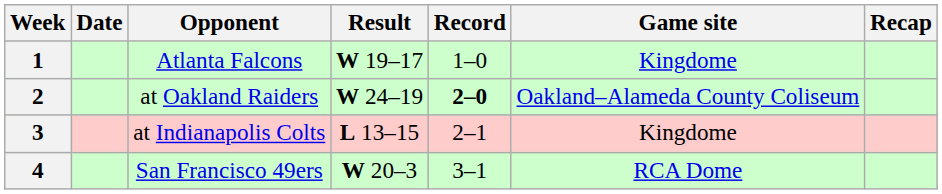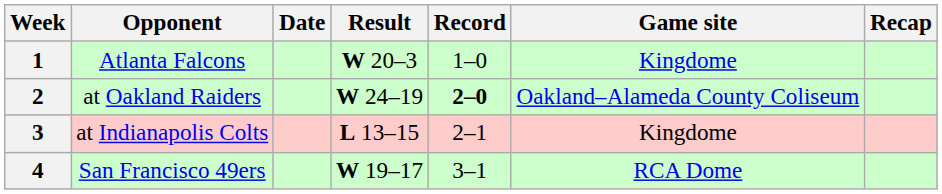 <table class="wikitable" style="text-align:center">
 <tr>
 <th>Week</th>
+<th>Opponent</th>
 <th>Date</th>
-<th>Opponent</th>
 <th>Result</th>
 <th>Record</th>
 <th>Game site</th>
 <th>Recap</th>
 </tr>
 <tr style="background:#cfc">
 <th>1</th>
+<td><a href='#'>Atlanta Falcons</a></td>
 <td></td>
-<td><a href='#'>Atlanta Falcons</a></td>
-<td><strong>W</strong> 19–17</td>
+<td><strong>W</strong> 20–3</td>
 <td>1–0</td>
 <td><a href='#'>Kingdome</a></td>
 <td></td>
 </tr>
 <tr style="background:#cfc">
 <th>2</th>
+<td>at <a href='#'>Oakland Raiders</a></td>
 <td></td>
-<td>at <a href='#'>Oakland Raiders</a></td>
 <td><strong>W</strong> 24–19</td>
 <td><strong>2–0</strong></td>
 <td><a href='#'>Oakland–Alameda County Coliseum</a></td>
 <td></td>
 </tr>
 <tr style="background:#fcc">
 <th>3</th>
+<td>at <a href='#'>Indianapolis Colts</a></td>
 <td></td>
-<td>at <a href='#'>Indianapolis Colts</a></td>
 <td><strong>L</strong> 13–15</td>
 <td>2–1</td>
 <td>Kingdome</td>
 <td></td>
 </tr>
 <tr style="background:#cfc">
 <th>4</th>
+<td><a href='#'>San Francisco 49ers</a></td>
 <td></td>
-<td><a href='#'>San Francisco 49ers</a></td>
-<td><strong>W</strong> 20–3</td>
+<td><strong>W</strong> 19–17</td>
 <td>3–1</td>
 <td><a href='#'>RCA Dome</a></td>
 <td></td>
 </tr>
 </table>
